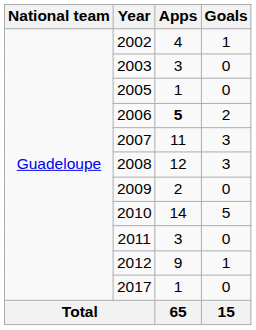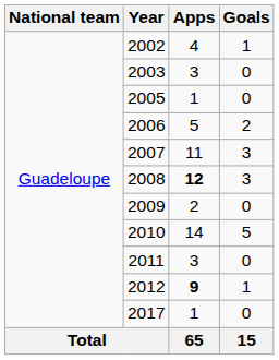 <table class=wikitable style=text-align:center>
 <tr>
 <th>National team</th>
 <th>Year</th>
 <th>Apps</th>
 <th>Goals</th>
 </tr>
 <tr>
 <td rowspan="11"><a href='#'>Guadeloupe</a></td>
 <td>2002</td>
 <td>4</td>
 <td>1</td>
 </tr>
 <tr>
 <td>2003</td>
 <td>3</td>
 <td>0</td>
 </tr>
 <tr>
 <td>2005</td>
 <td>1</td>
 <td>0</td>
 </tr>
 <tr>
 <td>2006</td>
-<td><strong>5</strong></td>
+<td>5</td>
 <td>2</td>
 </tr>
 <tr>
 <td>2007</td>
 <td>11</td>
 <td>3</td>
 </tr>
 <tr>
 <td>2008</td>
-<td>12</td>
+<td><strong>12</strong></td>
 <td>3</td>
 </tr>
 <tr>
 <td>2009</td>
 <td>2</td>
 <td>0</td>
 </tr>
 <tr>
 <td>2010</td>
 <td>14</td>
 <td>5</td>
 </tr>
 <tr>
 <td>2011</td>
 <td>3</td>
 <td>0</td>
 </tr>
 <tr>
 <td>2012</td>
-<td>9</td>
+<td><strong>9</strong></td>
 <td>1</td>
 </tr>
 <tr>
 <td>2017</td>
 <td>1</td>
 <td>0</td>
 </tr>
 <tr>
 <th colspan="2">Total</th>
 <th>65</th>
 <th>15</th>
 </tr>
 </table>
